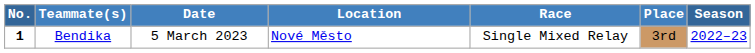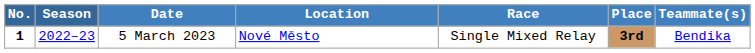 <table class="wikitable sortable" style="font-size:95%; text-align:center; border:grey solid 1px; border-collapse:collapse; background:#ffffff;">
 <tr style="background:#efefef;">
 <th style="background-color:#369; color:white;">No.</th>
-<th style="background-color:#4180be; color:white;">Teammate(s)</th>
+<th style="background-color:#369; color:white;">Season</th>
 <th style="background-color:#4180be; color:white; width:120px;">Date</th>
 <th style="background-color:#4180be; color:white; width:180px;">Location</th>
 <th style="background-color:#4180be; color:white; width:150px;">Race</th>
 <th style="background-color:#4180be; color:white;">Place</th>
-<th style="background-color:#369; color:white;">Season</th>
+<th style="background-color:#4180be; color:white;">Teammate(s)</th>
 </tr>
 <tr>
 <td><strong>1</strong></td>
-<td><a href='#'>Bendika</a></td>
+<td><a href='#'>2022–23</a></td>
 <td>5 March 2023</td>
 <td align=left> <a href='#'>Nové Město</a></td>
 <td>Single Mixed Relay</td>
-<td align=center bgcolor="cc9966">3rd</td>
-<td><a href='#'>2022–23</a></td>
+<td align=center bgcolor="cc9966"><strong>3rd</strong></td>
+<td><a href='#'>Bendika</a></td>
 </tr>
 </table>
